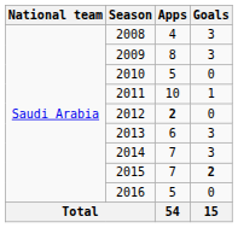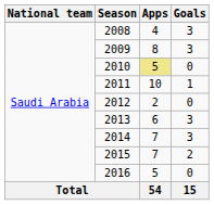 <table class="wikitable" style="text-align: center">
 <tr>
 <th>National team</th>
 <th>Season</th>
 <th>Apps</th>
 <th>Goals</th>
 </tr>
 <tr>
 <td rowspan="9" style="vertical-align:center;"><a href='#'>Saudi Arabia</a></td>
 <td>2008</td>
 <td>4</td>
 <td>3</td>
 </tr>
 <tr>
 <td>2009</td>
 <td>8</td>
 <td>3</td>
 </tr>
 <tr>
 <td>2010</td>
-<td>5</td>
+<td style="background: khaki;">5</td>
 <td>0</td>
 </tr>
 <tr>
 <td>2011</td>
 <td>10</td>
 <td>1</td>
 </tr>
 <tr>
 <td>2012</td>
-<td><strong>2</strong></td>
+<td>2</td>
 <td>0</td>
 </tr>
 <tr>
 <td>2013</td>
 <td>6</td>
 <td>3</td>
 </tr>
 <tr>
 <td>2014</td>
 <td>7</td>
 <td>3</td>
 </tr>
 <tr>
 <td>2015</td>
 <td>7</td>
-<td><strong>2</strong></td>
+<td>2</td>
 </tr>
 <tr>
 <td>2016</td>
 <td>5</td>
 <td>0</td>
 </tr>
 <tr>
 <th colspan="2">Total</th>
 <th>54</th>
 <th>15</th>
 </tr>
 </table>
